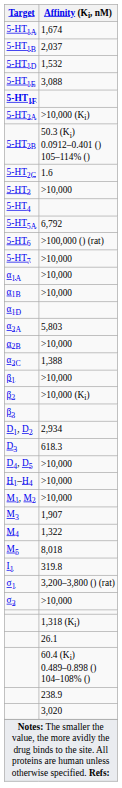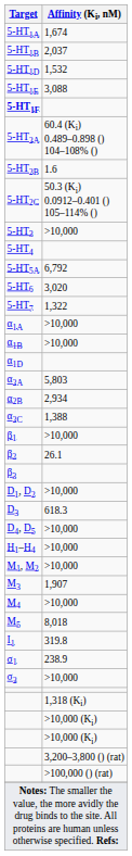 <table class="wikitable floatleft" style="font-size:small;">
 <tr>
 <th><a href='#'>Target</a></th>
 <th><a href='#'>Affinity</a> (K<sub>i</sub>, nM)</th>
 </tr>
 <tr>
 <td><a href='#'>5-HT<sub>1A</sub></a></td>
 <td>1,674</td>
 </tr>
 <tr>
 <td><a href='#'>5-HT<sub>1B</sub></a></td>
 <td>2,037</td>
 </tr>
 <tr>
 <td><a href='#'>5-HT<sub>1D</sub></a></td>
 <td>1,532</td>
 </tr>
 <tr>
 <td><a href='#'>5-HT<sub>1E</sub></a></td>
 <td>3,088</td>
 </tr>
 <tr>
 <td><strong><a href='#'>5-HT<sub>1F</sub></a></strong></td>
 <td></td>
 </tr>
 <tr>
 <td><a href='#'>5-HT<sub>2A</sub></a></td>
-<td>>10,000 (K<sub>i</sub>)</td>
+<td>60.4 (K<sub>i</sub>)<br>0.489–0.898 ()<br>104–108% ()</td>
 </tr>
 <tr>
 <td><a href='#'>5-HT<sub>2B</sub></a></td>
-<td>50.3 (K<sub>i</sub>)<br>0.0912–0.401 ()<br>105–114% ()</td>
+<td>1.6</td>
 </tr>
 <tr>
 <td><a href='#'>5-HT<sub>2C</sub></a></td>
-<td>1.6</td>
+<td>50.3 (K<sub>i</sub>)<br>0.0912–0.401 ()<br>105–114% ()</td>
 </tr>
 <tr>
 <td><a href='#'>5-HT<sub>3</sub></a></td>
 <td>>10,000</td>
 </tr>
 <tr>
 <td><a href='#'>5-HT<sub>4</sub></a></td>
 <td></td>
 </tr>
 <tr>
 <td><a href='#'>5-HT<sub>5A</sub></a></td>
 <td>6,792</td>
 </tr>
 <tr>
 <td><a href='#'>5-HT<sub>6</sub></a></td>
-<td>>100,000 () (rat)</td>
+<td>3,020</td>
 </tr>
 <tr>
 <td><a href='#'>5-HT<sub>7</sub></a></td>
-<td>>10,000</td>
+<td>1,322</td>
 </tr>
 <tr>
 <td><a href='#'>α<sub>1A</sub></a></td>
 <td>>10,000</td>
 </tr>
 <tr>
 <td><a href='#'>α<sub>1B</sub></a></td>
 <td>>10,000</td>
 </tr>
 <tr>
 <td><a href='#'>α<sub>1D</sub></a></td>
 <td></td>
 </tr>
 <tr>
 <td><a href='#'>α<sub>2A</sub></a></td>
 <td>5,803</td>
 </tr>
 <tr>
 <td><a href='#'>α<sub>2B</sub></a></td>
-<td>>10,000</td>
+<td>2,934</td>
 </tr>
 <tr>
 <td><a href='#'>α<sub>2C</sub></a></td>
 <td>1,388</td>
 </tr>
 <tr>
 <td><a href='#'>β<sub>1</sub></a></td>
 <td>>10,000</td>
 </tr>
 <tr>
 <td><a href='#'>β<sub>2</sub></a></td>
-<td>>10,000 (K<sub>i</sub>)</td>
+<td>26.1</td>
 </tr>
 <tr>
 <td><a href='#'>β<sub>3</sub></a></td>
 <td></td>
 </tr>
 <tr>
 <td><a href='#'>D<sub>1</sub></a>, <a href='#'>D<sub>2</sub></a></td>
-<td>2,934</td>
+<td>>10,000</td>
 </tr>
 <tr>
 <td><a href='#'>D<sub>3</sub></a></td>
 <td>618.3</td>
 </tr>
 <tr>
 <td><a href='#'>D<sub>4</sub></a>, <a href='#'>D<sub>5</sub></a></td>
 <td>>10,000</td>
 </tr>
 <tr>
 <td><a href='#'>H<sub>1</sub></a>–<a href='#'>H<sub>4</sub></a></td>
 <td>>10,000</td>
 </tr>
 <tr>
 <td><a href='#'>M<sub>1</sub></a>, <a href='#'>M<sub>2</sub></a></td>
 <td>>10,000</td>
 </tr>
 <tr>
 <td><a href='#'>M<sub>3</sub></a></td>
 <td>1,907</td>
 </tr>
 <tr>
 <td><a href='#'>M<sub>4</sub></a></td>
-<td>1,322</td>
+<td>>10,000</td>
 </tr>
 <tr>
 <td><a href='#'>M<sub>5</sub></a></td>
 <td>8,018</td>
 </tr>
 <tr>
 <td><a href='#'>I<sub>1</sub></a></td>
 <td>319.8</td>
 </tr>
 <tr>
 <td><a href='#'>σ<sub>1</sub></a></td>
-<td>3,200–3,800 () (rat)</td>
+<td>238.9</td>
 </tr>
 <tr>
 <td><a href='#'>σ<sub>2</sub></a></td>
 <td>>10,000</td>
 </tr>
 <tr>
 <td></td>
 <td></td>
 </tr>
 <tr>
 <td></td>
 <td>1,318 (K<sub>i</sub>)</td>
 </tr>
 <tr>
 <td></td>
-<td>26.1</td>
+<td>>10,000 (K<sub>i</sub>)</td>
 </tr>
 <tr>
 <td></td>
-<td>60.4 (K<sub>i</sub>)<br>0.489–0.898 ()<br>104–108% ()</td>
+<td>>10,000 (K<sub>i</sub>)</td>
 </tr>
 <tr>
 <td></td>
-<td>238.9</td>
+<td>3,200–3,800 () (rat)</td>
 </tr>
 <tr>
 <td></td>
-<td>3,020</td>
+<td>>100,000 () (rat)</td>
 </tr>
 <tr>
 </tr>
 <tr class="sortbottom">
 <td colspan="2" style="width: 1px; background-color:#eaecf0; text-align: center;"><strong>Notes:</strong> The smaller the value, the more avidly the drug binds to the site. All proteins are human unless otherwise specified. <strong>Refs:</strong> </td>
 </tr>
 </table>
